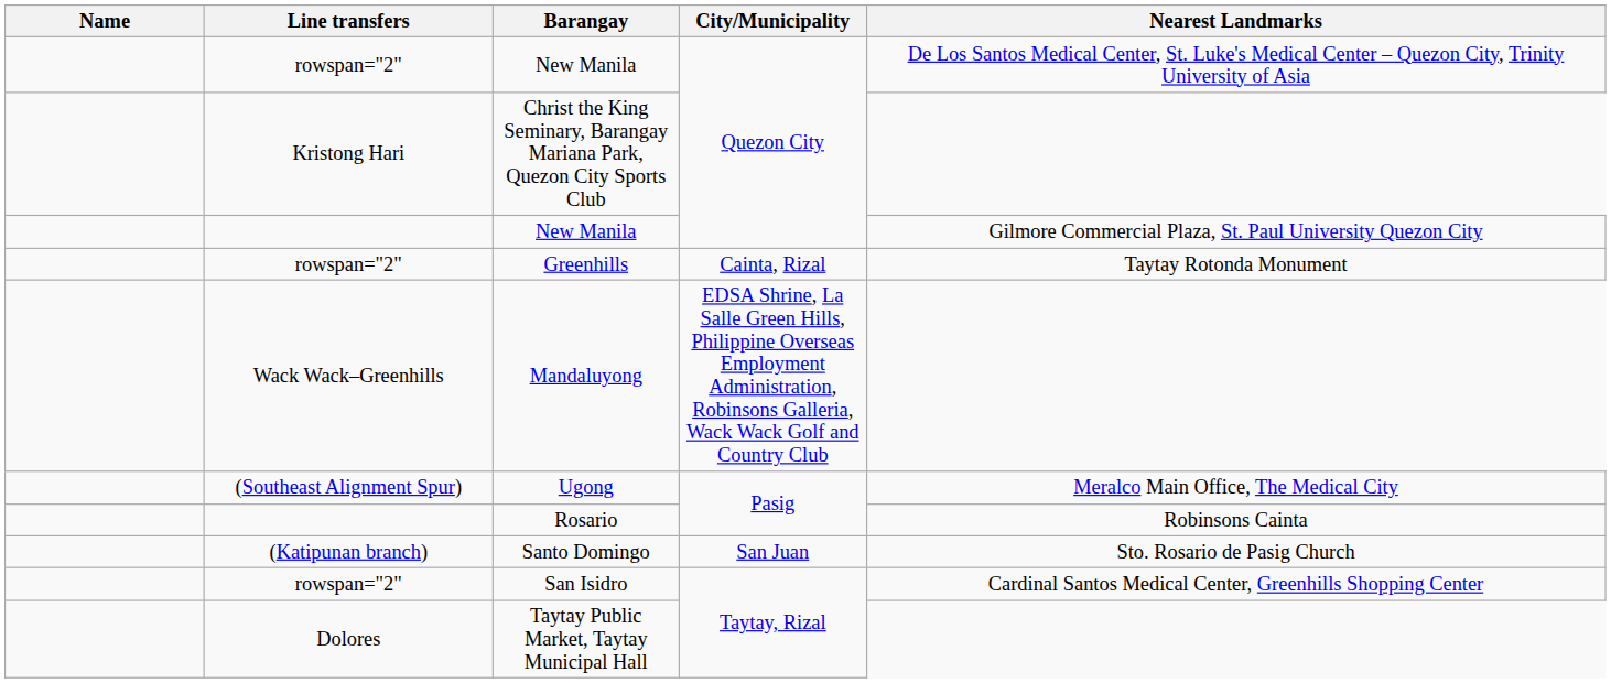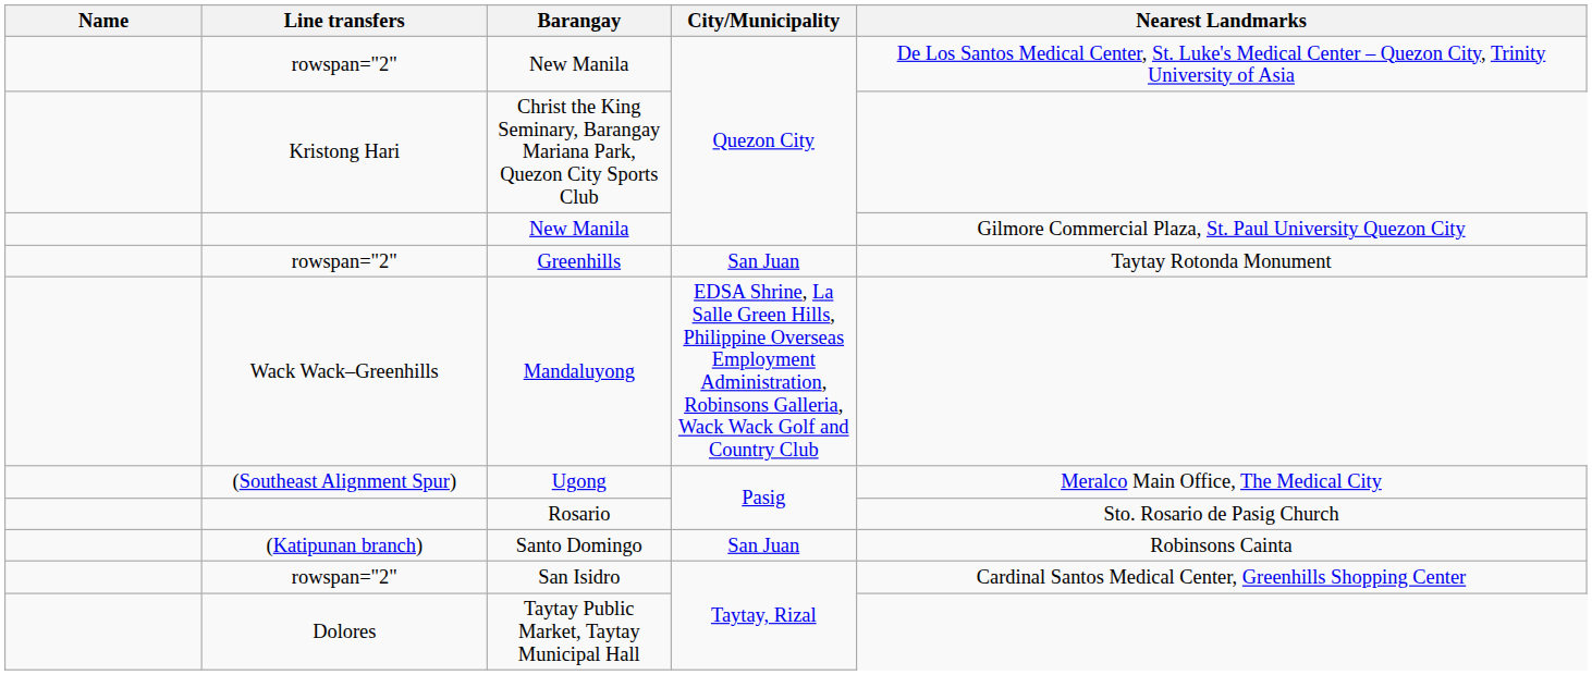 <table class="wikitable" style="margin-left: auto; margin-right: auto; border: none; text-align:center">
 <tr>
 <th width="150px">Name</th>
 <th width="220px">Line transfers</th>
 <th width="140px">Barangay</th>
 <th width="140px">City/Municipality</th>
 <th>Nearest Landmarks</th>
 </tr>
 <tr>
 <td><em></em></td>
 <td>rowspan="2" </td>
 <td>New Manila</td>
 <td rowspan="3"><a href='#'>Quezon City</a></td>
 <td><a href='#'>De Los Santos Medical Center</a>, <a href='#'>St. Luke's Medical Center – Quezon City</a>, <a href='#'>Trinity University of Asia</a></td>
 </tr>
 <tr>
 <td><em></em></td>
 <td>Kristong Hari</td>
 <td>Christ the King Seminary, Barangay Mariana Park, Quezon City Sports Club</td>
 </tr>
 <tr>
 <td><em></em></td>
 <td> </td>
 <td><a href='#'>New Manila</a></td>
 <td>Gilmore Commercial Plaza, <a href='#'>St. Paul University Quezon City</a></td>
 </tr>
 <tr>
 <td><em></em></td>
 <td>rowspan="2" </td>
 <td><a href='#'>Greenhills</a></td>
-<td><a href='#'>Cainta</a>, <a href='#'>Rizal</a></td>
+<td><a href='#'>San Juan</a></td>
 <td>Taytay Rotonda Monument</td>
 </tr>
 <tr>
 <td><em></em></td>
 <td>Wack Wack–Greenhills</td>
 <td><a href='#'>Mandaluyong</a></td>
 <td><a href='#'>EDSA Shrine</a>, <a href='#'>La Salle Green Hills</a>, <a href='#'>Philippine Overseas Employment Administration</a>, <a href='#'>Robinsons Galleria</a>, <a href='#'>Wack Wack Golf and Country Club</a></td>
 </tr>
 <tr>
 <td><em></em></td>
 <td> (<a href='#'>Southeast Alignment Spur</a>)</td>
 <td><a href='#'>Ugong</a></td>
 <td rowspan="2"><a href='#'>Pasig</a></td>
 <td><a href='#'>Meralco</a> Main Office, <a href='#'>The Medical City</a></td>
 </tr>
 <tr>
 <td><em></em></td>
 <td></td>
 <td>Rosario</td>
-<td>Robinsons Cainta</td>
+<td>Sto. Rosario de Pasig Church</td>
 </tr>
 <tr>
 <td><em></em></td>
 <td> (<a href='#'>Katipunan branch</a>)</td>
 <td>Santo Domingo</td>
 <td><a href='#'>San Juan</a></td>
-<td>Sto. Rosario de Pasig Church</td>
+<td>Robinsons Cainta</td>
 </tr>
 <tr>
 <td><em></em></td>
 <td>rowspan="2" </td>
 <td>San Isidro</td>
 <td rowspan="2"><a href='#'>Taytay, Rizal</a></td>
 <td>Cardinal Santos Medical Center, <a href='#'>Greenhills Shopping Center</a></td>
 </tr>
 <tr>
 <td><em></em></td>
 <td>Dolores</td>
 <td>Taytay Public Market, Taytay Municipal Hall</td>
 </tr>
 <tr>
 </tr>
 </table>
